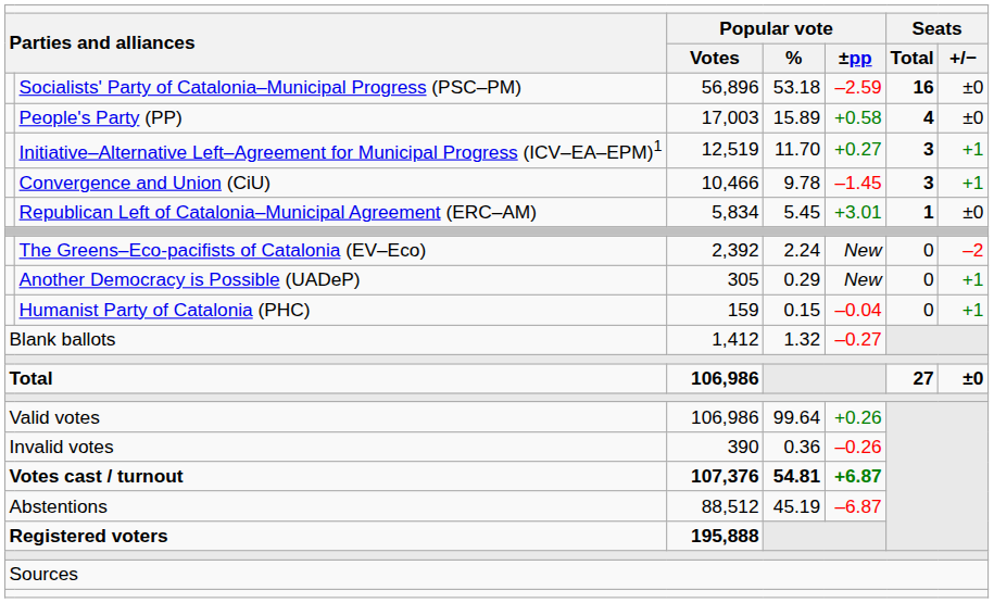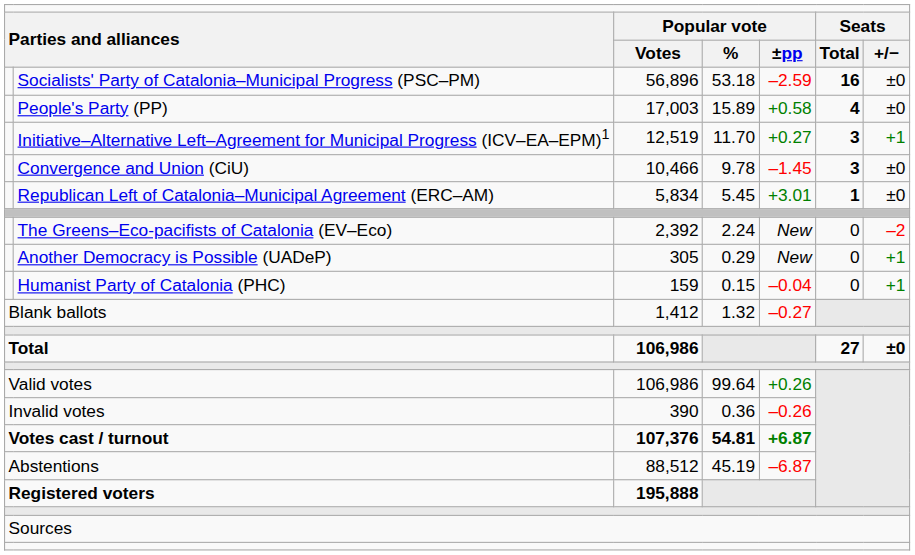 <table class="wikitable" style="text-align:right;">
 <tr>
 <td colspan="7"></td>
 </tr>
 <tr>
 <th style="text-align:left;" rowspan="2" colspan="2" width="525">Parties and alliances</th>
 <th colspan="3">Popular vote</th>
 <th colspan="2">Seats</th>
 </tr>
 <tr>
 <th width="75">Votes</th>
 <th width="45">%</th>
 <th width="45">±<a href='#'>pp</a></th>
 <th width="35">Total</th>
 <th width="35">+/−</th>
 </tr>
 <tr>
 <td width="1" style="color:inherit;background:"></td>
 <td align="left"><a href='#'>Socialists' Party of Catalonia–Municipal Progress</a> (PSC–PM)</td>
 <td>56,896</td>
 <td>53.18</td>
 <td style="color:red;">–2.59</td>
 <td><strong>16</strong></td>
 <td>±0</td>
 </tr>
 <tr>
 <td style="color:inherit;background:"></td>
 <td align="left"><a href='#'>People's Party</a> (PP)</td>
 <td>17,003</td>
 <td>15.89</td>
 <td style="color:green;">+0.58</td>
 <td><strong>4</strong></td>
 <td>±0</td>
 </tr>
 <tr>
 <td style="color:inherit;background:"></td>
 <td align="left"><a href='#'>Initiative–Alternative Left–Agreement for Municipal Progress</a> (ICV–EA–EPM)<sup>1</sup></td>
 <td>12,519</td>
 <td>11.70</td>
 <td style="color:green;">+0.27</td>
 <td><strong>3</strong></td>
 <td style="color:green;">+1</td>
 </tr>
 <tr>
 <td style="color:inherit;background:"></td>
 <td align="left"><a href='#'>Convergence and Union</a> (CiU)</td>
 <td>10,466</td>
 <td>9.78</td>
 <td style="color:red;">–1.45</td>
 <td><strong>3</strong></td>
-<td style="color:green;">+1</td>
+<td>±0</td>
 </tr>
 <tr>
 <td style="color:inherit;background:"></td>
 <td align="left"><a href='#'>Republican Left of Catalonia–Municipal Agreement</a> (ERC–AM)</td>
 <td>5,834</td>
 <td>5.45</td>
 <td style="color:green;">+3.01</td>
 <td><strong>1</strong></td>
 <td>±0</td>
 </tr>
 <tr>
 <td colspan="7" style="color:inherit;background:#C0C0C0"></td>
 </tr>
 <tr>
 <td style="color:inherit;background:"></td>
 <td align="left"><a href='#'>The Greens–Eco-pacifists of Catalonia</a> (EV–Eco)</td>
 <td>2,392</td>
 <td>2.24</td>
 <td><em>New</em></td>
 <td>0</td>
 <td style="color:red;">–2</td>
 </tr>
 <tr>
 <td style="color:inherit;background:"></td>
 <td align="left"><a href='#'>Another Democracy is Possible</a> (UADeP)</td>
 <td>305</td>
 <td>0.29</td>
 <td><em>New</em></td>
 <td>0</td>
 <td style="color:green;">+1</td>
 </tr>
 <tr>
 <td style="color:inherit;background:"></td>
 <td align="left"><a href='#'>Humanist Party of Catalonia</a> (PHC)</td>
 <td>159</td>
 <td>0.15</td>
 <td style="color:red;">–0.04</td>
 <td>0</td>
 <td style="color:green;">+1</td>
 </tr>
 <tr>
 <td align="left" colspan="2">Blank ballots</td>
 <td>1,412</td>
 <td>1.32</td>
 <td style="color:red;">–0.27</td>
 <td style="color:inherit;background:#E9E9E9" colspan="2"></td>
 </tr>
 <tr>
 <td colspan="7" style="color:inherit;background:#E9E9E9"></td>
 </tr>
 <tr style="font-weight:bold;">
 <td align="left" colspan="2">Total</td>
 <td>106,986</td>
 <td bgcolor="#E9E9E9" colspan="2"></td>
 <td>27</td>
 <td>±0</td>
 </tr>
 <tr>
 <td colspan="7" style="color:inherit;background:#E9E9E9"></td>
 </tr>
 <tr>
 <td align="left" colspan="2">Valid votes</td>
 <td>106,986</td>
 <td>99.64</td>
 <td style="color:green;">+0.26</td>
 <td bgcolor="#E9E9E9" colspan="2" rowspan="5"></td>
 </tr>
 <tr>
 <td align="left" colspan="2">Invalid votes</td>
 <td>390</td>
 <td>0.36</td>
 <td style="color:red;">–0.26</td>
 </tr>
 <tr style="font-weight:bold;">
 <td align="left" colspan="2">Votes cast / turnout</td>
 <td>107,376</td>
 <td>54.81</td>
 <td style="color:green;">+6.87</td>
 </tr>
 <tr>
 <td align="left" colspan="2">Abstentions</td>
 <td>88,512</td>
 <td>45.19</td>
 <td style="color:red;">–6.87</td>
 </tr>
 <tr style="font-weight:bold;">
 <td align="left" colspan="2">Registered voters</td>
 <td>195,888</td>
 <td bgcolor="#E9E9E9" colspan="2"></td>
 </tr>
 <tr>
 <td colspan="7" style="color:inherit;background:#E9E9E9"></td>
 </tr>
 <tr>
 <td align="left" colspan="7">Sources</td>
 </tr>
 <tr>
 <td colspan="7" style="text-align:left; max-width:790px;"></td>
 </tr>
 </table>
